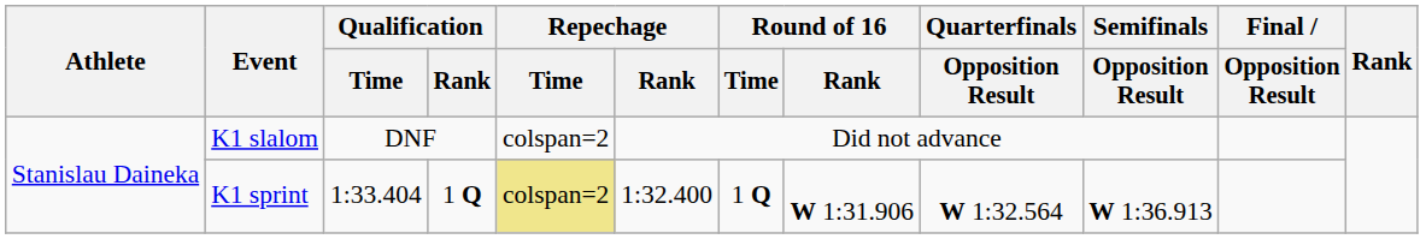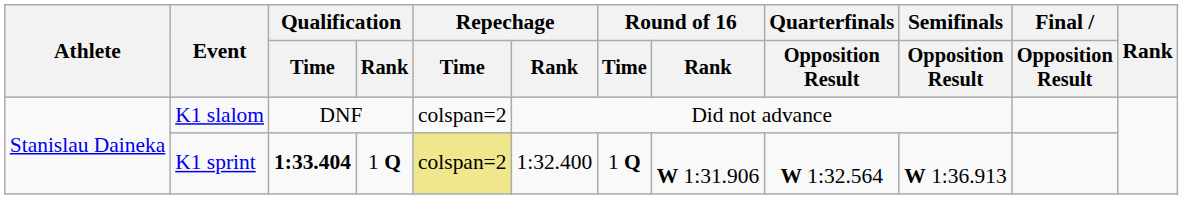 <table class="wikitable" style="font-size:90%;">
 <tr>
 <th rowspan=2>Athlete</th>
 <th rowspan=2>Event</th>
 <th colspan=2>Qualification</th>
 <th colspan=2>Repechage</th>
 <th colspan=2>Round of 16</th>
 <th>Quarterfinals</th>
 <th>Semifinals</th>
 <th>Final / </th>
 <th rowspan=2>Rank</th>
 </tr>
 <tr style="font-size:95%">
 <th>Time</th>
 <th>Rank</th>
 <th>Time</th>
 <th>Rank</th>
 <th>Time</th>
 <th>Rank</th>
 <th>Opposition <br>Result</th>
 <th>Opposition <br>Result</th>
 <th>Opposition <br>Result</th>
 </tr>
 <tr align=center>
 <td rowspan=2 align=left><a href='#'>Stanislau Daineka</a></td>
 <td align=left><a href='#'>K1 slalom</a></td>
 <td colspan=2>DNF</td>
 <td>colspan=2 </td>
 <td colspan=5>Did not advance</td>
 <td></td>
 </tr>
 <tr align=center>
 <td align=left><a href='#'>K1 sprint</a></td>
-<td>1:33.404</td>
+<td><strong>1:33.404</strong></td>
 <td>1 <strong>Q</strong></td>
 <td style="background: khaki;">colspan=2 </td>
 <td>1:32.400</td>
 <td>1 <strong>Q</strong></td>
 <td><br><strong>W</strong> 1:31.906</td>
 <td><br><strong>W</strong> 1:32.564</td>
 <td><br><strong>W</strong> 1:36.913</td>
 <td></td>
 </tr>
 </table>
